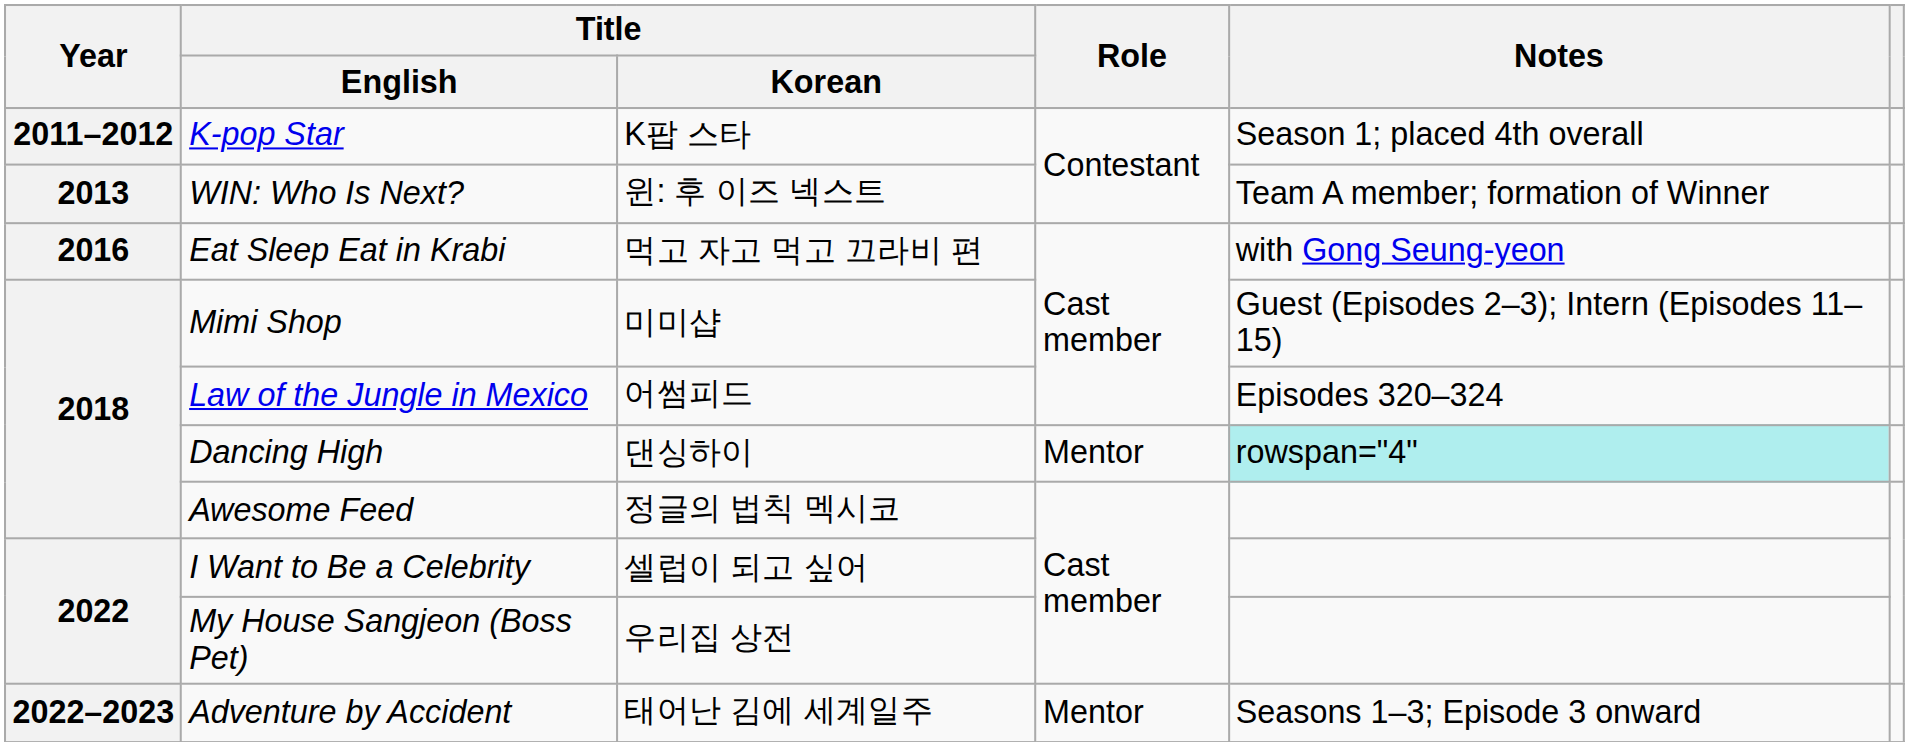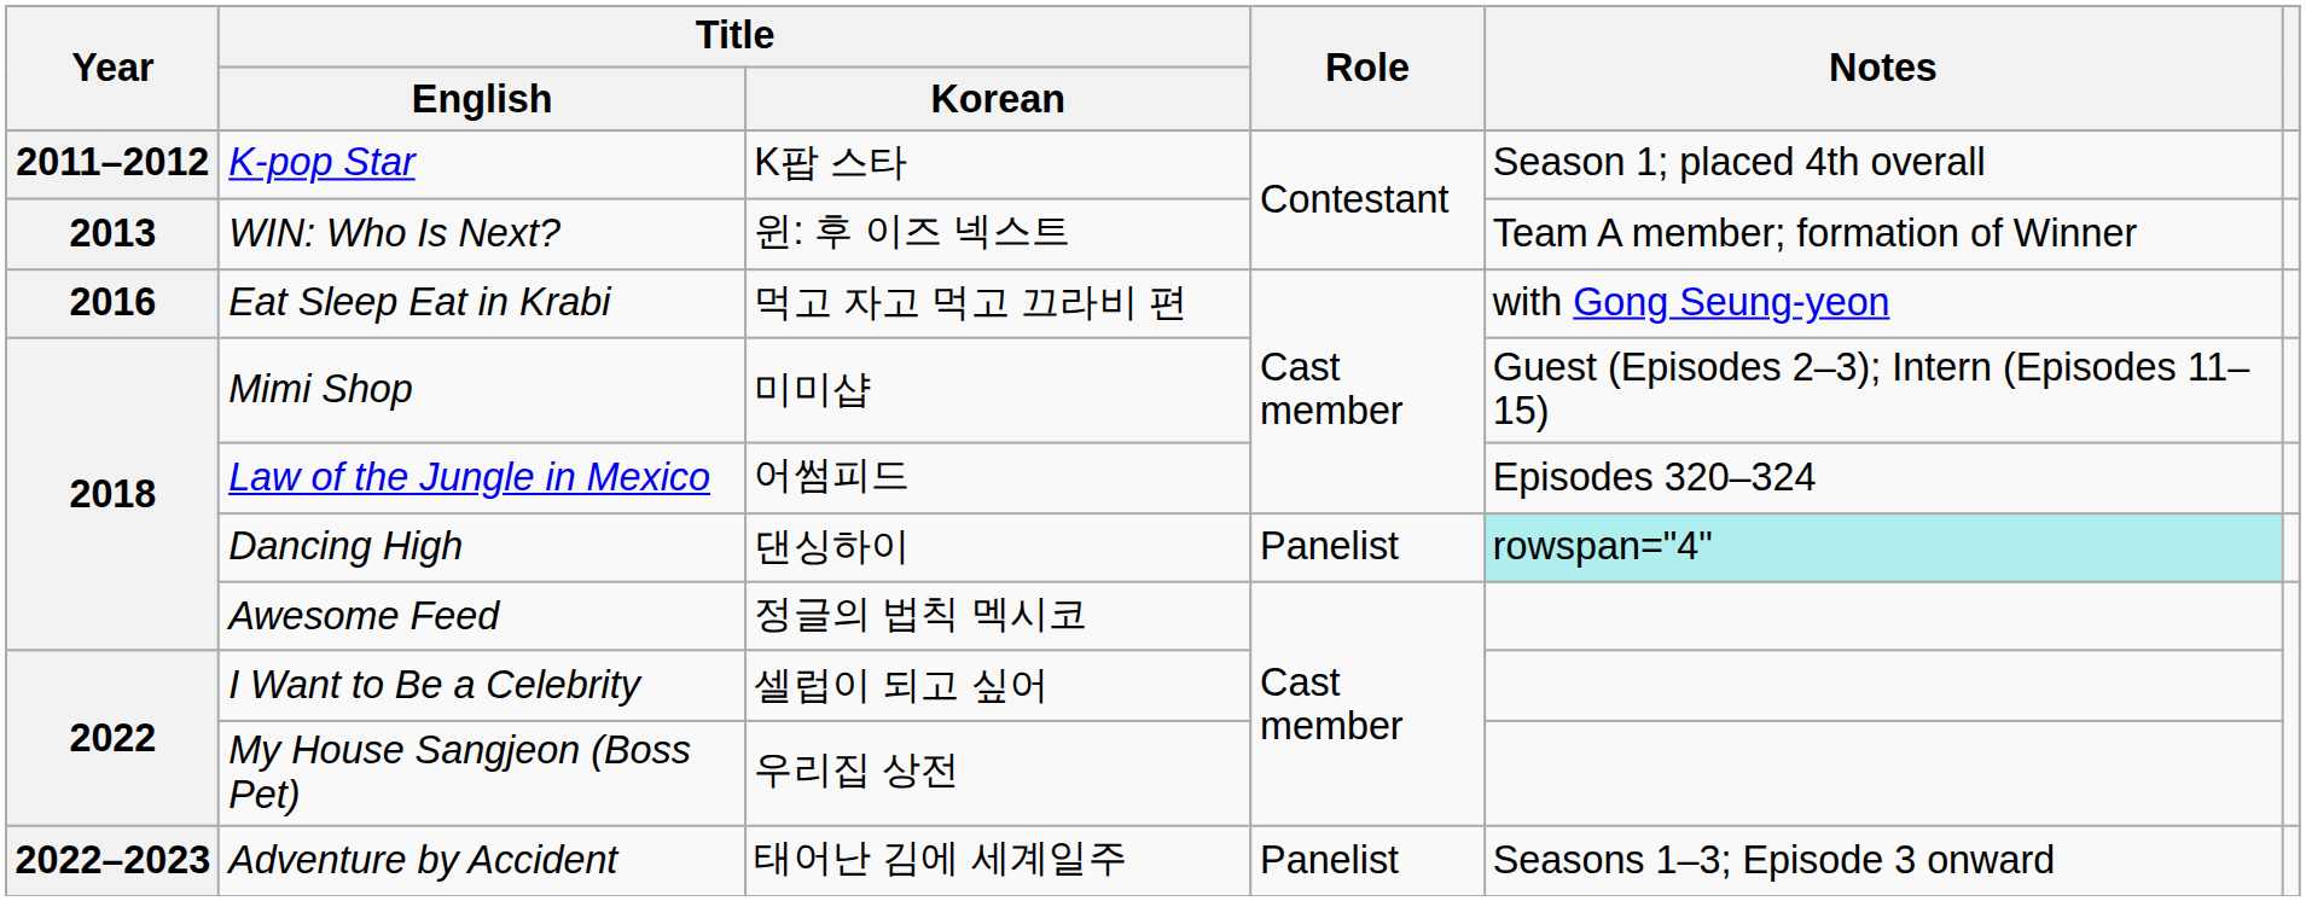 <table class="wikitable sortable plainrowheaders">
 <tr>
 <th scope="col" rowspan="2">Year</th>
 <th scope="col" colspan="2">Title</th>
 <th scope="col" rowspan="2" style="width:5.5em;">Role</th>
 <th scope="col" rowspan="2" style="width:20em;">Notes</th>
 <th scope="col" rowspan="2" class="unsortable"></th>
 </tr>
 <tr>
 <th scope="col" style="width:13em;">English</th>
 <th scope="col" style="width:12.5em;">Korean</th>
 </tr>
 <tr>
 <th scope="row">2011–2012</th>
 <td><em><a href='#'>K-pop Star</a></em></td>
 <td>K팝 스타</td>
 <td rowspan="2">Contestant</td>
 <td>Season 1; placed 4th overall</td>
 <td style="text-align:center"></td>
 </tr>
 <tr>
 <th scope="row">2013</th>
 <td><em>WIN: Who Is Next?</em></td>
 <td>윈: 후 이즈 넥스트</td>
 <td>Team A member; formation of Winner</td>
 <td style="text-align:center"></td>
 </tr>
 <tr>
 <th scope="row">2016</th>
 <td><em>Eat Sleep Eat in Krabi</em></td>
 <td>먹고 자고 먹고 끄라비 편</td>
 <td rowspan="3">Cast member</td>
 <td>with <a href='#'>Gong Seung-yeon</a></td>
 <td style="text-align:center"></td>
 </tr>
 <tr>
 <th scope="row" rowspan="4">2018</th>
 <td><em>Mimi Shop</em></td>
 <td>미미샵</td>
 <td>Guest (Episodes 2–3); Intern (Episodes 11–15)</td>
 <td style="text-align:center"></td>
 </tr>
 <tr>
 <td><em><a href='#'>Law of the Jungle in Mexico</a></em></td>
 <td>어썸피드</td>
 <td>Episodes 320–324</td>
 <td style="text-align:center"></td>
 </tr>
 <tr>
 <td><em>Dancing High</em></td>
 <td>댄싱하이</td>
-<td>Mentor</td>
+<td>Panelist</td>
 <td style="background: paleturquoise;">rowspan="4" </td>
 <td style="text-align:center"></td>
 </tr>
 <tr>
 <td><em>Awesome Feed</em></td>
 <td>정글의 법칙 멕시코</td>
 <td rowspan="3">Cast member</td>
 <td style="text-align:center"></td>
 </tr>
 <tr>
 <th scope="row" rowspan="2">2022</th>
 <td><em>I Want to Be a Celebrity</em></td>
 <td>셀럽이 되고 싶어</td>
 <td style="text-align:center"></td>
 </tr>
 <tr>
 <td><em>My House Sangjeon (Boss Pet)</em></td>
 <td>우리집 상전</td>
 <td style="text-align:center"></td>
 </tr>
 <tr>
 <th scope="row">2022–2023</th>
 <td><em>Adventure by Accident</em></td>
 <td>태어난 김에 세계일주</td>
-<td>Mentor</td>
+<td>Panelist</td>
 <td>Seasons 1–3; Episode 3 onward</td>
 <td style="text-align:center"></td>
 </tr>
 <tr>
 </tr>
 </table>
